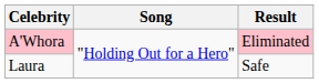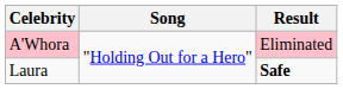 <table class="wikitable sortable collapsed">
 <tr>
 <th>Celebrity</th>
 <th>Song</th>
 <th>Result</th>
 </tr>
 <tr>
 <td style="background:pink;">A'Whora</td>
 <td rowspan=2>"<a href='#'>Holding Out for a Hero</a>"</td>
 <td style="background:pink;">Eliminated</td>
 </tr>
 <tr>
 <td>Laura</td>
-<td>Safe</td>
+<td><strong>Safe</strong></td>
 </tr>
 </table>
